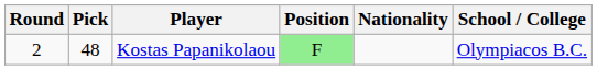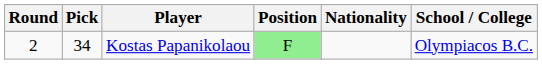 <table class="wikitable sortable" style="text-align:center;">
 <tr>
 <th>Round</th>
 <th>Pick</th>
 <th>Player</th>
 <th>Position</th>
 <th>Nationality</th>
 <th>School / College</th>
 </tr>
 <tr>
 <td>2</td>
-<td>48</td>
+<td>34</td>
 <td><a href='#'>Kostas Papanikolaou</a></td>
 <td style="background: lightgreen;">F</td>
 <td></td>
 <td><a href='#'>Olympiacos B.C.</a></td>
 </tr>
 </table>
